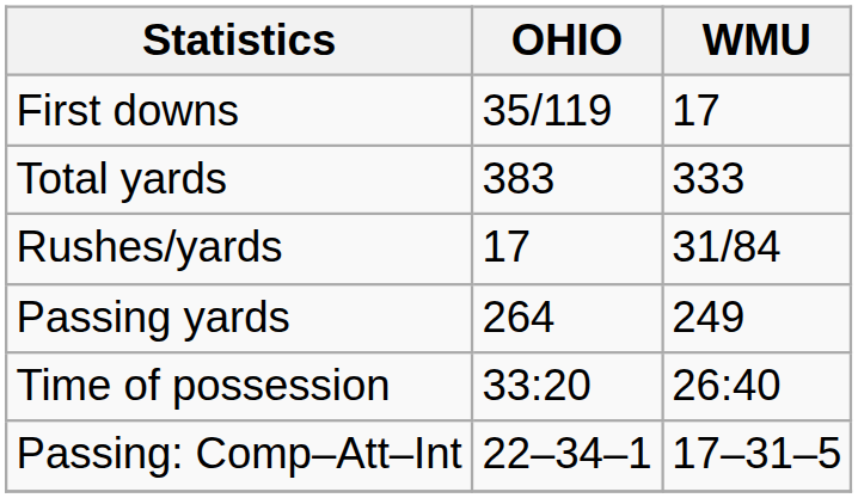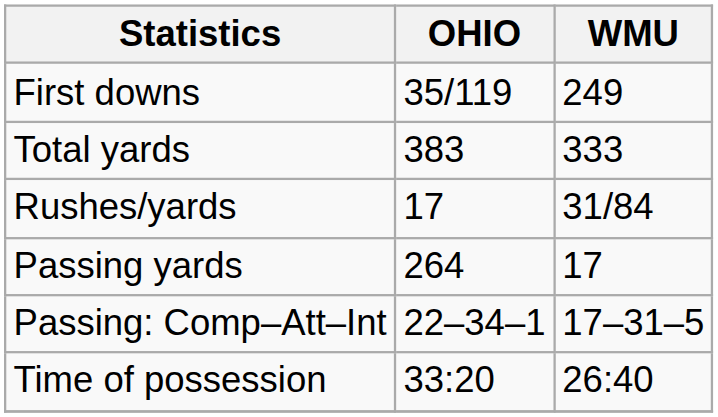 <table class="wikitable" style="float: left;">
 <tr>
 <th>Statistics</th>
 <th>OHIO</th>
 <th>WMU</th>
 </tr>
 <tr>
 <td>First downs</td>
 <td>35/119</td>
-<td>17</td>
+<td>249</td>
 </tr>
 <tr>
 <td>Total yards</td>
 <td>383</td>
 <td>333</td>
 </tr>
 <tr>
 <td>Rushes/yards</td>
 <td>17</td>
 <td>31/84</td>
 </tr>
 <tr>
 <td>Passing yards</td>
 <td>264</td>
-<td>249</td>
+<td>17</td>
+</tr>
+<tr>
+<td>Passing: Comp–Att–Int</td>
+<td>22–34–1</td>
+<td>17–31–5</td>
 </tr>
 <tr>
 <td>Time of possession</td>
 <td>33:20</td>
 <td>26:40</td>
 </tr>
 <tr>
-<td>Passing: Comp–Att–Int</td>
-<td>22–34–1</td>
-<td>17–31–5</td>
-</tr>
-<tr>
 </tr>
 </table>
